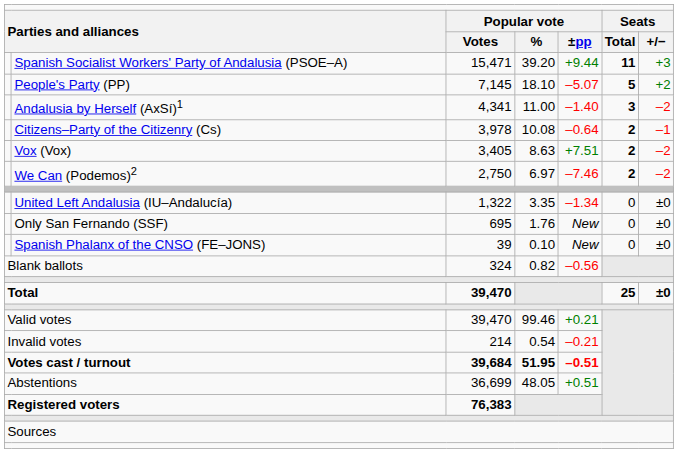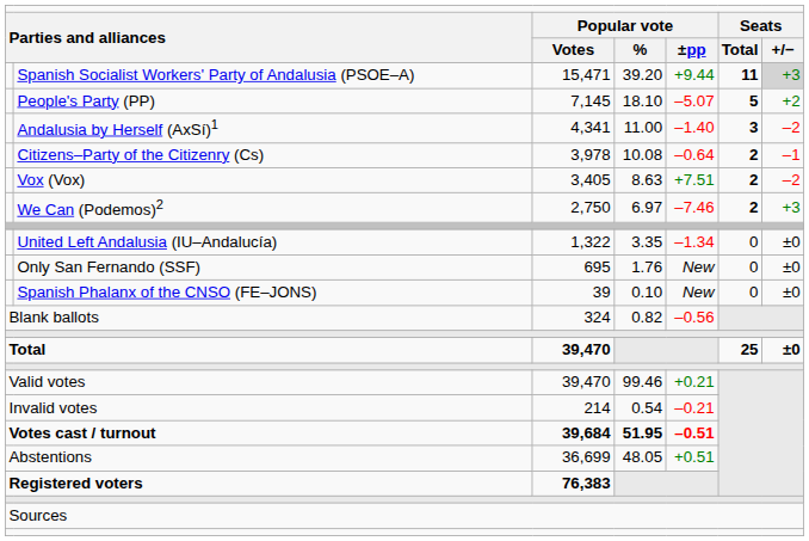 <table class="wikitable" style="text-align:right;">
 <tr>
 <td colspan="7"></td>
 </tr>
 <tr>
 <th style="text-align:left;" rowspan="2" colspan="2" width="525">Parties and alliances</th>
 <th colspan="3">Popular vote</th>
 <th colspan="2">Seats</th>
 </tr>
 <tr>
 <th width="75">Votes</th>
 <th width="45">%</th>
 <th width="45">±<a href='#'>pp</a></th>
 <th width="35">Total</th>
 <th width="35">+/−</th>
 </tr>
 <tr>
 <td width="1" style="color:inherit;background:"></td>
 <td align="left"><a href='#'>Spanish Socialist Workers' Party of Andalusia</a> (PSOE–A)</td>
 <td>15,471</td>
 <td>39.20</td>
 <td style="color:green;">+9.44</td>
 <td><strong>11</strong></td>
-<td style="color:green;">+3</td>
+<td style="background: lightgrey; color:green;">+3</td>
 </tr>
 <tr>
 <td style="color:inherit;background:"></td>
 <td align="left"><a href='#'>People's Party</a> (PP)</td>
 <td>7,145</td>
 <td>18.10</td>
 <td style="color:red;">–5.07</td>
 <td><strong>5</strong></td>
 <td style="color:green;">+2</td>
 </tr>
 <tr>
 <td style="color:inherit;background:"></td>
 <td align="left"><a href='#'>Andalusia by Herself</a> (AxSí)<sup>1</sup></td>
 <td>4,341</td>
 <td>11.00</td>
 <td style="color:red;">–1.40</td>
 <td><strong>3</strong></td>
 <td style="color:red;">–2</td>
 </tr>
 <tr>
 <td style="color:inherit;background:"></td>
 <td align="left"><a href='#'>Citizens–Party of the Citizenry</a> (Cs)</td>
 <td>3,978</td>
 <td>10.08</td>
 <td style="color:red;">–0.64</td>
 <td><strong>2</strong></td>
 <td style="color:red;">–1</td>
 </tr>
 <tr>
 <td style="color:inherit;background:"></td>
 <td align="left"><a href='#'>Vox</a> (Vox)</td>
 <td>3,405</td>
 <td>8.63</td>
 <td style="color:green;">+7.51</td>
 <td><strong>2</strong></td>
 <td style="color:red;">–2</td>
 </tr>
 <tr>
 <td style="color:inherit;background:"></td>
 <td align="left"><a href='#'>We Can</a> (Podemos)<sup>2</sup></td>
 <td>2,750</td>
 <td>6.97</td>
 <td style="color:red;">–7.46</td>
 <td><strong>2</strong></td>
-<td style="color:red;">–2</td>
+<td style="color:green;">+3</td>
 </tr>
 <tr>
 <td colspan="7" bgcolor="#C0C0C0"></td>
 </tr>
 <tr>
 <td style="color:inherit;background:"></td>
 <td align="left"><a href='#'>United Left Andalusia</a> (IU–Andalucía)</td>
 <td>1,322</td>
 <td>3.35</td>
 <td style="color:red;">–1.34</td>
 <td>0</td>
 <td>±0</td>
 </tr>
 <tr>
 <td style="color:inherit;background:"></td>
 <td align="left">Only San Fernando (SSF)</td>
 <td>695</td>
 <td>1.76</td>
 <td><em>New</em></td>
 <td>0</td>
 <td>±0</td>
 </tr>
 <tr>
 <td style="color:inherit;background:"></td>
 <td align="left"><a href='#'>Spanish Phalanx of the CNSO</a> (FE–JONS)</td>
 <td>39</td>
 <td>0.10</td>
 <td><em>New</em></td>
 <td>0</td>
 <td>±0</td>
 </tr>
 <tr>
 <td align="left" colspan="2">Blank ballots</td>
 <td>324</td>
 <td>0.82</td>
 <td style="color:red;">–0.56</td>
 <td bgcolor="#E9E9E9" colspan="2"></td>
 </tr>
 <tr>
 <td colspan="7" bgcolor="#E9E9E9"></td>
 </tr>
 <tr style="font-weight:bold;">
 <td align="left" colspan="2">Total</td>
 <td>39,470</td>
 <td bgcolor="#E9E9E9" colspan="2"></td>
 <td>25</td>
 <td>±0</td>
 </tr>
 <tr>
 <td colspan="7" bgcolor="#E9E9E9"></td>
 </tr>
 <tr>
 <td align="left" colspan="2">Valid votes</td>
 <td>39,470</td>
 <td>99.46</td>
 <td style="color:green;">+0.21</td>
 <td bgcolor="#E9E9E9" colspan="2" rowspan="5"></td>
 </tr>
 <tr>
 <td align="left" colspan="2">Invalid votes</td>
 <td>214</td>
 <td>0.54</td>
 <td style="color:red;">–0.21</td>
 </tr>
 <tr style="font-weight:bold;">
 <td align="left" colspan="2">Votes cast / turnout</td>
 <td>39,684</td>
 <td>51.95</td>
 <td style="color:red;">–0.51</td>
 </tr>
 <tr>
 <td align="left" colspan="2">Abstentions</td>
 <td>36,699</td>
 <td>48.05</td>
 <td style="color:green;">+0.51</td>
 </tr>
 <tr style="font-weight:bold;">
 <td align="left" colspan="2">Registered voters</td>
 <td>76,383</td>
 <td bgcolor="#E9E9E9" colspan="2"></td>
 </tr>
 <tr>
 <td colspan="7" bgcolor="#E9E9E9"></td>
 </tr>
 <tr>
 <td align="left" colspan="7">Sources</td>
 </tr>
 <tr>
 <td colspan="7" style="text-align:left; max-width:790px;"></td>
 </tr>
 </table>
